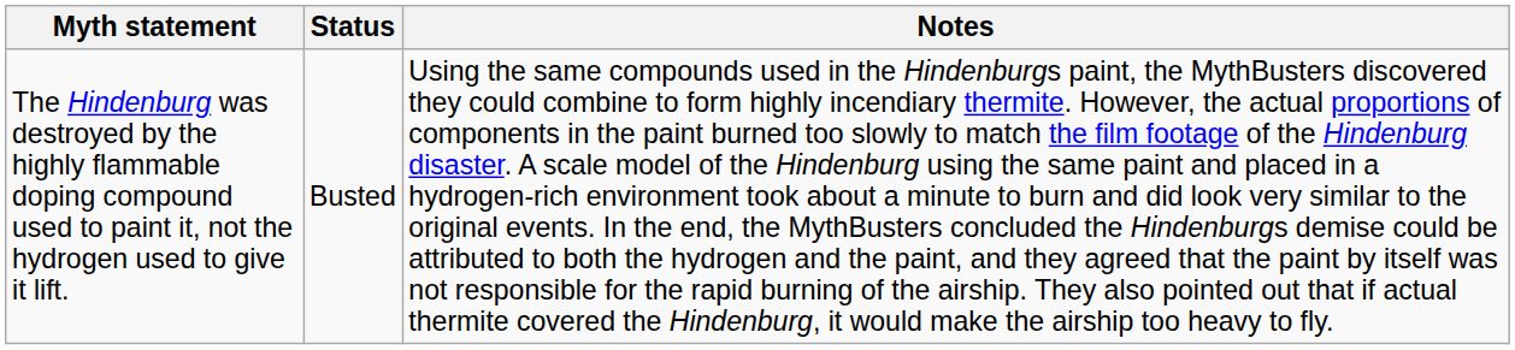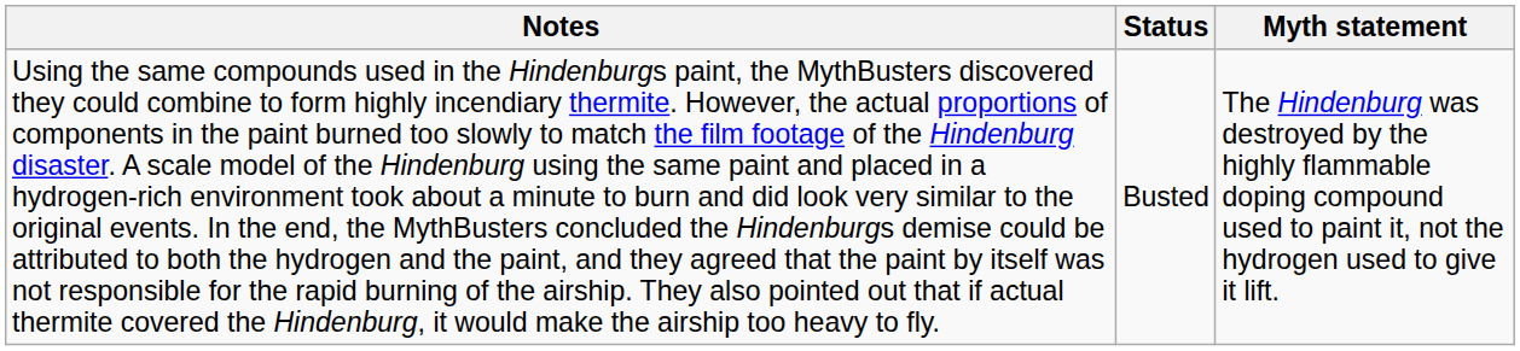 <table class="wikitable plainrowheaders">
 <tr>
+<th>Notes</th>
+<th>Status</th>
 <th>Myth statement</th>
-<th>Status</th>
-<th>Notes</th>
 </tr>
 <tr>
+<td>Using the same compounds used in the <em>Hindenburg</em>s paint, the MythBusters discovered they could combine to form highly incendiary <a href='#'>thermite</a>. However, the actual <a href='#'>proportions</a> of components in the paint burned too slowly to match <a href='#'>the film footage</a> of the <a href='#'><em>Hindenburg</em> disaster</a>. A scale model of the <em>Hindenburg</em> using the same paint and placed in a hydrogen-rich environment took about a minute to burn and did look very similar to the original events. In the end, the MythBusters concluded the <em>Hindenburg</em>s demise could be attributed to both the hydrogen and the paint, and they agreed that the paint by itself was not responsible for the rapid burning of the airship. They also pointed out that if actual thermite covered the <em>Hindenburg</em>, it would make the airship too heavy to fly.</td>
+<td><span>Busted</span></td>
 <td>The <em><a href='#'>Hindenburg</a></em> was destroyed by the highly flammable doping compound used to paint it, not the hydrogen used to give it lift.</td>
-<td><span>Busted</span></td>
-<td>Using the same compounds used in the <em>Hindenburg</em>s paint, the MythBusters discovered they could combine to form highly incendiary <a href='#'>thermite</a>. However, the actual <a href='#'>proportions</a> of components in the paint burned too slowly to match <a href='#'>the film footage</a> of the <a href='#'><em>Hindenburg</em> disaster</a>. A scale model of the <em>Hindenburg</em> using the same paint and placed in a hydrogen-rich environment took about a minute to burn and did look very similar to the original events. In the end, the MythBusters concluded the <em>Hindenburg</em>s demise could be attributed to both the hydrogen and the paint, and they agreed that the paint by itself was not responsible for the rapid burning of the airship. They also pointed out that if actual thermite covered the <em>Hindenburg</em>, it would make the airship too heavy to fly.</td>
 </tr>
 </table>
